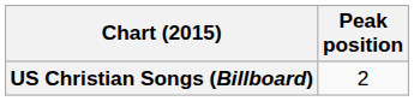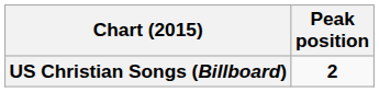 <table class="wikitable sortable plainrowheaders" style="text-align:center">
 <tr>
 <th scope="col">Chart (2015)</th>
 <th scope="col">Peak<br>position</th>
 </tr>
 <tr>
 <th scope="row">US Christian Songs (<em>Billboard</em>)</th>
-<td>2</td>
+<td><strong>2</strong></td>
 </tr>
 </table>
